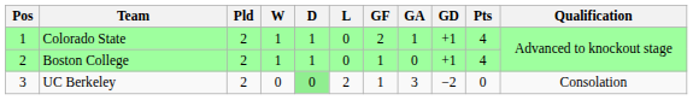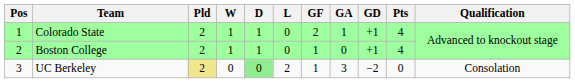 <table class="wikitable" style="text-align:center; margin: 1em auto">
 <tr>
 <th style="width:2em">Pos</th>
 <th style="width:13em">Team</th>
 <th style="width:2em">Pld</th>
 <th style="width:2em">W</th>
 <th style="width:2em">D</th>
 <th style="width:2em">L</th>
 <th style="width:2em">GF</th>
 <th style="width:2em">GA</th>
 <th style="width:2em">GD</th>
 <th style="width:2em">Pts</th>
 <th style="width:13em">Qualification</th>
 </tr>
 <tr bgcolor="#9eff9e">
 <td>1</td>
 <td style="text-align:left">Colorado State</td>
 <td>2</td>
 <td>1</td>
 <td>1</td>
 <td>0</td>
 <td>2</td>
 <td>1</td>
 <td>+1</td>
 <td>4</td>
 <td rowspan="2">Advanced to knockout stage</td>
 </tr>
 <tr bgcolor="#9eff9e">
 <td>2</td>
 <td style="text-align:left">Boston College</td>
 <td>2</td>
 <td>1</td>
 <td>1</td>
 <td>0</td>
 <td>1</td>
 <td>0</td>
 <td>+1</td>
 <td>4</td>
 </tr>
 <tr>
 <td>3</td>
 <td style="text-align:left">UC Berkeley</td>
-<td>2</td>
+<td style="background: khaki;">2</td>
 <td>0</td>
 <td style="background: lightgreen;">0</td>
 <td>2</td>
 <td>1</td>
 <td>3</td>
 <td>−2</td>
 <td>0</td>
 <td>Consolation</td>
 </tr>
 </table>
